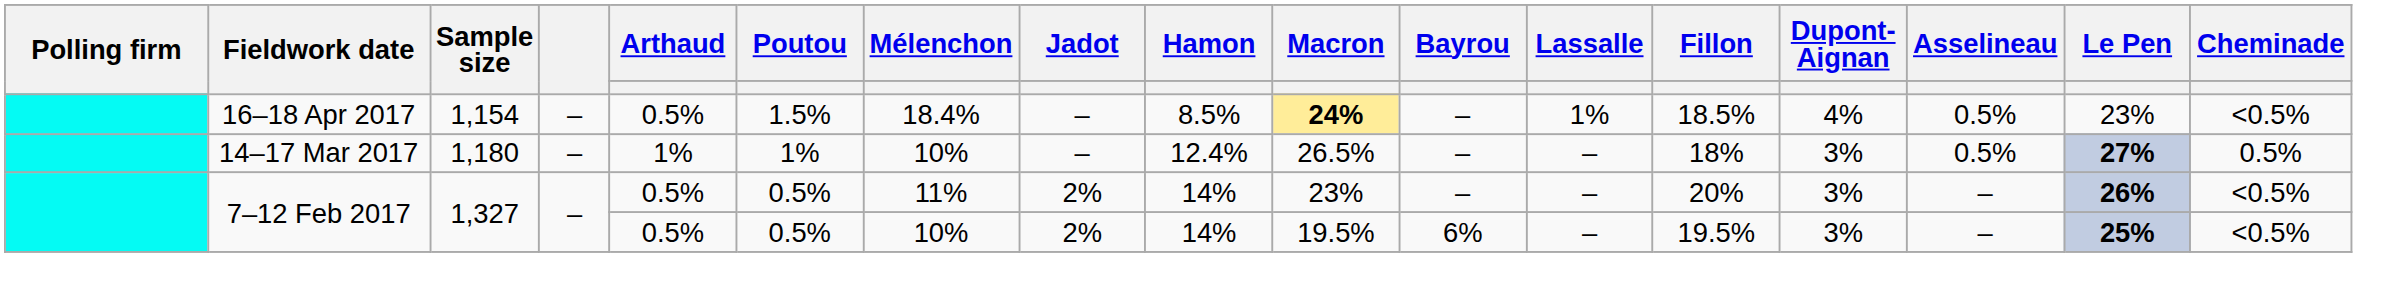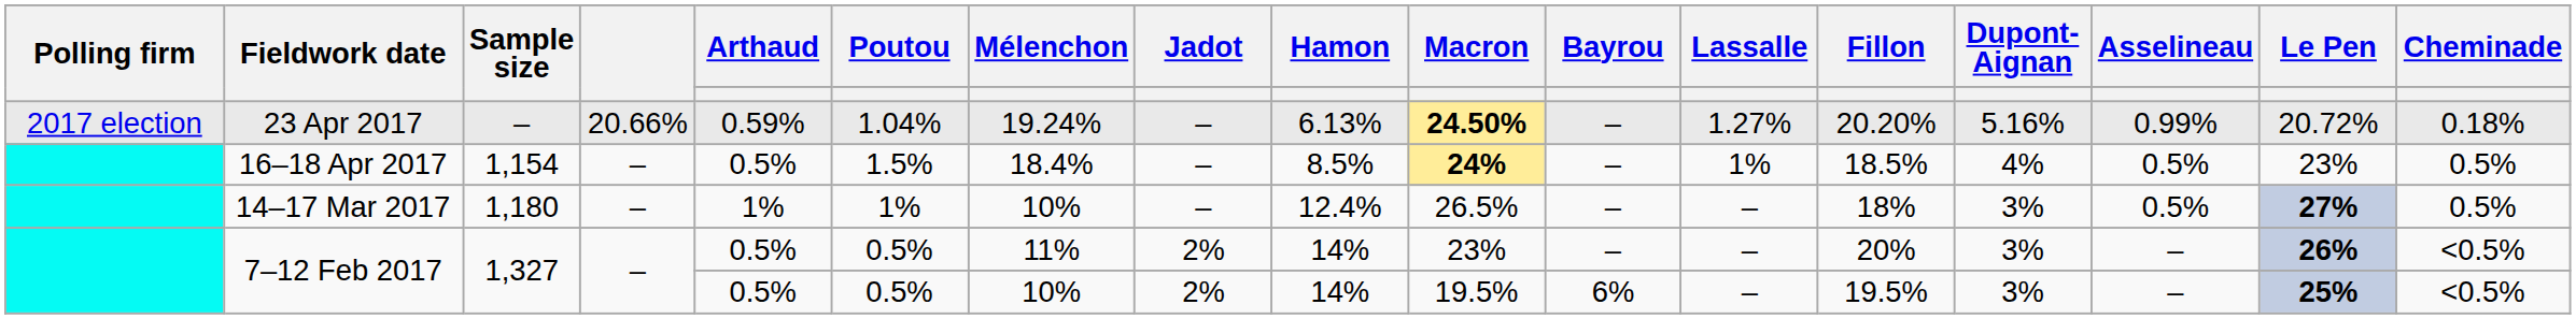 <table class="wikitable sortable" style="text-align:center;font-size:90%;line-height:14px;">
 <tr style="height:40px;">
 <th style="width:100px;" rowspan="2">Polling firm</th>
 <th style="width:110px;" rowspan="2">Fieldwork date</th>
 <th style="width:35px;" rowspan="2">Sample<br>size</th>
 <th style="width:30px;" rowspan="2"></th>
 <th class="unsortable" style="width:60px;"><a href='#'>Arthaud</a><br></th>
 <th class="unsortable" style="width:60px;"><a href='#'>Poutou</a><br></th>
 <th class="unsortable" style="width:60px;"><a href='#'>Mélenchon</a><br></th>
 <th class="unsortable" style="width:60px;"><a href='#'>Jadot</a><br></th>
 <th class="unsortable" style="width:60px;"><a href='#'>Hamon</a><br></th>
 <th class="unsortable" style="width:60px;"><a href='#'>Macron</a><br></th>
 <th class="unsortable" style="width:60px;"><a href='#'>Bayrou</a><br></th>
 <th class="unsortable" style="width:60px;"><a href='#'>Lassalle</a><br></th>
 <th class="unsortable" style="width:60px;"><a href='#'>Fillon</a><br></th>
 <th class="unsortable" style="width:60px;"><a href='#'>Dupont-Aignan</a><br></th>
 <th class="unsortable" style="width:60px;"><a href='#'>Asselineau</a><br></th>
 <th class="unsortable" style="width:60px;"><a href='#'>Le Pen</a><br></th>
 <th class="unsortable" style="width:60px;"><a href='#'>Cheminade</a><br></th>
 </tr>
 <tr>
 <th style="background:"></th>
 <th style="background:"></th>
 <th style="background:"></th>
 <th style="background:"></th>
 <th style="background:"></th>
 <th style="background:"></th>
 <th style="background:"></th>
 <th style="background:"></th>
 <th style="background:"></th>
 <th style="background:"></th>
 <th style="background:"></th>
 <th style="background:"></th>
 <th style="background:"></th>
 </tr>
+<tr style="background:#E9E9E9;">
+<td><a href='#'>2017 election</a></td>
+<td data-sort-value="2017-04-23">23 Apr 2017</td>
+<td>–</td>
+<td>20.66%</td>
+<td>0.59%</td>
+<td>1.04%</td>
+<td>19.24%</td>
+<td>–</td>
+<td>6.13%</td>
+<td style="background:#FFED99;"><strong>24.50%</strong></td>
+<td>–</td>
+<td>1.27%</td>
+<td>20.20%</td>
+<td>5.16%</td>
+<td>0.99%</td>
+<td>20.72%</td>
+<td>0.18%</td>
+</tr>
 <tr>
 <td style="background:#04FBF4;"></td>
 <td data-sort-value="2017-04-18">16–18 Apr 2017</td>
 <td>1,154</td>
 <td>–</td>
 <td>0.5%</td>
 <td>1.5%</td>
 <td>18.4%</td>
 <td>–</td>
 <td>8.5%</td>
 <td style="background:#FFED99;"><strong>24%</strong></td>
 <td>–</td>
 <td>1%</td>
 <td>18.5%</td>
 <td>4%</td>
 <td>0.5%</td>
 <td>23%</td>
-<td data-sort-value="0%"><0.5%</td>
+<td>0.5%</td>
 </tr>
 <tr>
 <td style="background:#04FBF4;"></td>
 <td data-sort-value="2017-03-17">14–17 Mar 2017</td>
 <td>1,180</td>
 <td>–</td>
 <td>1%</td>
 <td>1%</td>
 <td>10%</td>
 <td>–</td>
 <td>12.4%</td>
 <td>26.5%</td>
 <td>–</td>
 <td>–</td>
 <td>18%</td>
 <td>3%</td>
 <td>0.5%</td>
 <td style="background:#C1CCE1;"><strong>27%</strong></td>
 <td>0.5%</td>
 </tr>
 <tr>
 <td rowspan="2" style="background:#04FBF4;"></td>
 <td rowspan="2" data-sort-value="2017-02-12">7–12 Feb 2017</td>
 <td rowspan="2">1,327</td>
 <td rowspan="2">–</td>
 <td>0.5%</td>
 <td>0.5%</td>
 <td>11%</td>
 <td>2%</td>
 <td>14%</td>
 <td>23%</td>
 <td>–</td>
 <td>–</td>
 <td>20%</td>
 <td>3%</td>
 <td>–</td>
 <td style="background:#C1CCE1;"><strong>26%</strong></td>
 <td data-sort-value="0%"><0.5%</td>
 </tr>
 <tr>
 <td>0.5%</td>
 <td>0.5%</td>
 <td>10%</td>
 <td>2%</td>
 <td>14%</td>
 <td>19.5%</td>
 <td>6%</td>
 <td>–</td>
 <td>19.5%</td>
 <td>3%</td>
 <td>–</td>
 <td style="background:#C1CCE1;"><strong>25%</strong></td>
 <td data-sort-value="0%"><0.5%</td>
 </tr>
 </table>
